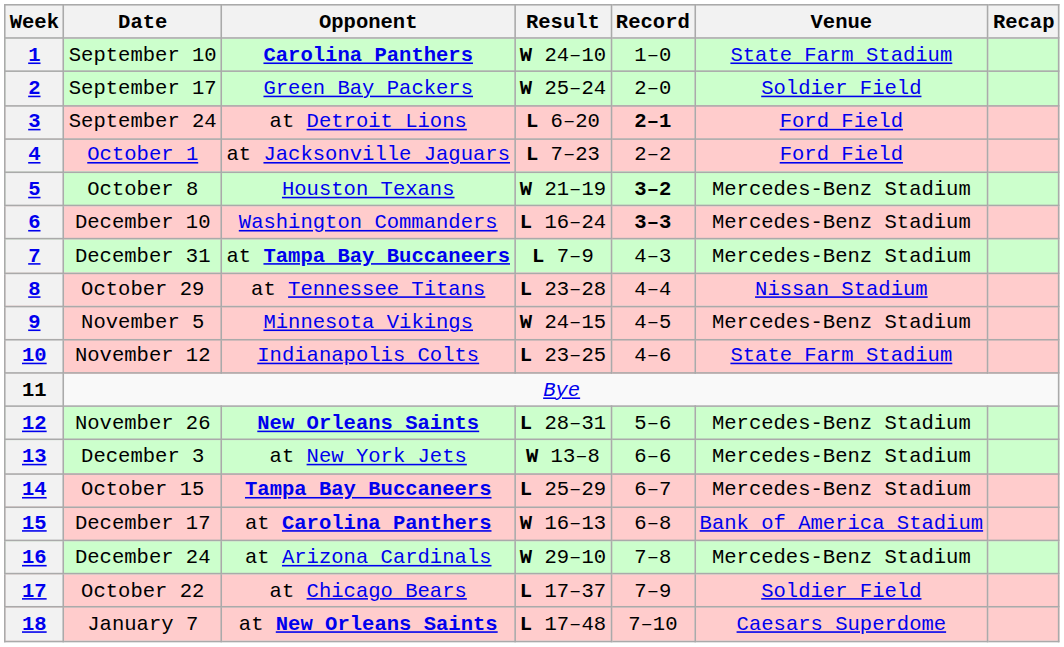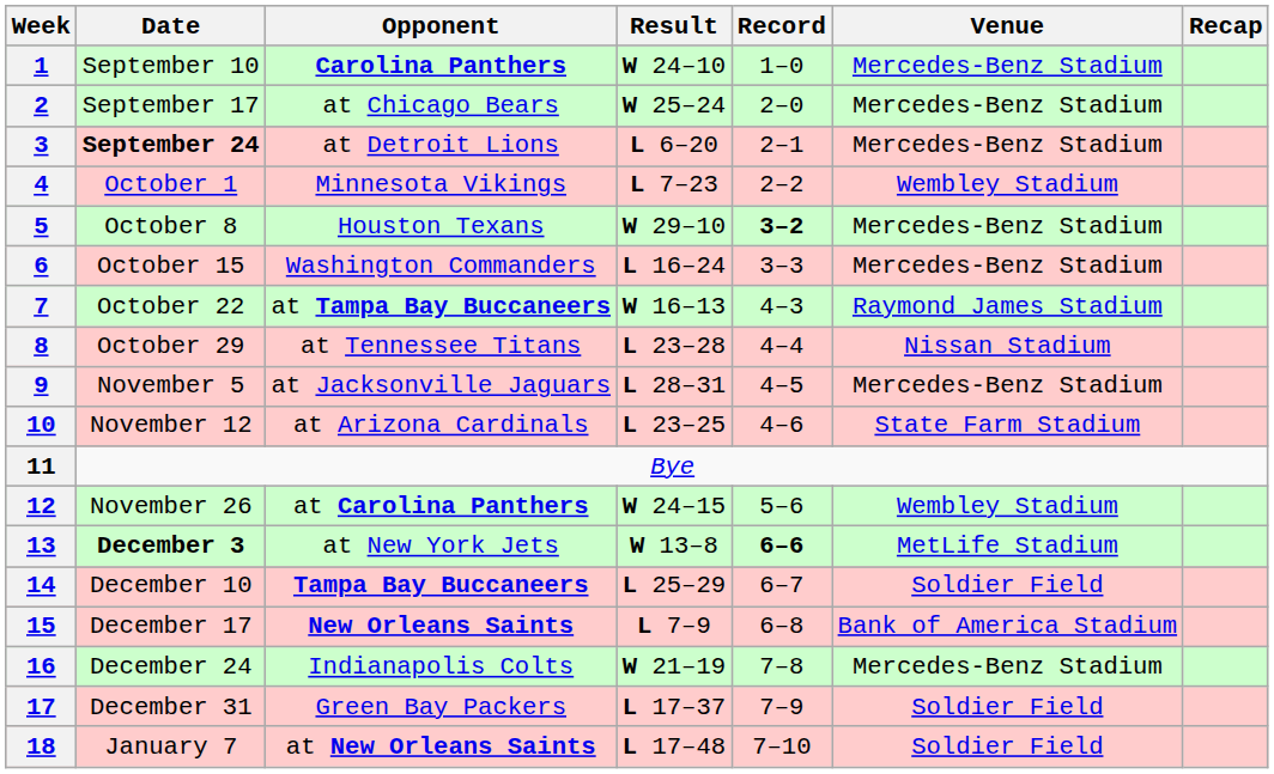 <table class="wikitable" style="text-align:center">
 <tr>
 <th>Week</th>
 <th>Date</th>
 <th>Opponent</th>
 <th>Result</th>
 <th>Record</th>
 <th>Venue</th>
 <th>Recap</th>
 </tr>
 <tr style="background:#cfc">
 <th><a href='#'>1</a></th>
 <td>September 10</td>
 <td><strong><a href='#'>Carolina Panthers</a></strong></td>
 <td><strong>W</strong> 24–10</td>
 <td>1–0</td>
-<td><a href='#'>State Farm Stadium</a></td>
+<td><a href='#'>Mercedes-Benz Stadium</a></td>
 <td></td>
 </tr>
 <tr style="background:#cfc">
 <th><a href='#'>2</a></th>
 <td>September 17</td>
-<td><a href='#'>Green Bay Packers</a></td>
+<td>at <a href='#'>Chicago Bears</a></td>
 <td><strong>W</strong> 25–24</td>
 <td>2–0</td>
-<td><a href='#'>Soldier Field</a></td>
+<td>Mercedes-Benz Stadium</td>
 <td></td>
 </tr>
 <tr style="background:#fcc">
 <th><a href='#'>3</a></th>
-<td>September 24</td>
+<td><strong>September 24</strong></td>
 <td>at <a href='#'>Detroit Lions</a></td>
 <td><strong>L</strong> 6–20</td>
-<td><strong>2–1</strong></td>
-<td><a href='#'>Ford Field</a></td>
+<td>2–1</td>
+<td>Mercedes-Benz Stadium</td>
 <td></td>
 </tr>
 <tr style="background:#fcc">
 <th><a href='#'>4</a></th>
 <td><a href='#'>October 1</a></td>
-<td>at <a href='#'>Jacksonville Jaguars</a></td>
+<td><a href='#'>Minnesota Vikings</a></td>
 <td><strong>L</strong> 7–23</td>
 <td>2–2</td>
-<td><a href='#'>Ford Field</a></td>
+<td> <a href='#'>Wembley Stadium</a> </td>
 <td></td>
 </tr>
 <tr style="background:#cfc">
 <th><a href='#'>5</a></th>
 <td>October 8</td>
 <td><a href='#'>Houston Texans</a></td>
-<td><strong>W</strong> 21–19</td>
+<td><strong>W</strong> 29–10</td>
 <td><strong>3–2</strong></td>
 <td>Mercedes-Benz Stadium</td>
 <td></td>
 </tr>
 <tr style="background:#fcc">
 <th><a href='#'>6</a></th>
-<td>December 10</td>
+<td>October 15</td>
 <td><a href='#'>Washington Commanders</a></td>
 <td><strong>L</strong> 16–24</td>
-<td><strong>3–3</strong></td>
+<td>3–3</td>
 <td>Mercedes-Benz Stadium</td>
 <td></td>
 </tr>
 <tr style="background:#cfc">
 <th><a href='#'>7</a></th>
-<td>December 31</td>
+<td>October 22</td>
 <td>at <strong><a href='#'>Tampa Bay Buccaneers</a></strong></td>
-<td><strong>L</strong> 7–9</td>
+<td><strong>W</strong> 16–13</td>
 <td>4–3</td>
-<td>Mercedes-Benz Stadium</td>
+<td><a href='#'>Raymond James Stadium</a></td>
 <td></td>
 </tr>
 <tr style="background:#fcc">
 <th><a href='#'>8</a></th>
 <td>October 29</td>
 <td>at <a href='#'>Tennessee Titans</a></td>
 <td><strong>L</strong> 23–28</td>
 <td>4–4</td>
 <td><a href='#'>Nissan Stadium</a></td>
 <td></td>
 </tr>
 <tr style="background:#fcc">
 <th><a href='#'>9</a></th>
 <td>November 5</td>
-<td><a href='#'>Minnesota Vikings</a></td>
-<td><strong>W</strong> 24–15</td>
+<td>at <a href='#'>Jacksonville Jaguars</a></td>
+<td><strong>L</strong> 28–31</td>
 <td>4–5</td>
 <td>Mercedes-Benz Stadium</td>
 <td></td>
 </tr>
 <tr style="background:#fcc">
 <th><a href='#'>10</a></th>
 <td>November 12</td>
-<td><a href='#'>Indianapolis Colts</a></td>
+<td>at <a href='#'>Arizona Cardinals</a></td>
 <td><strong>L</strong> 23–25</td>
 <td>4–6</td>
 <td><a href='#'>State Farm Stadium</a></td>
 <td></td>
 </tr>
 <tr>
 <th>11</th>
 <td colspan="6"><em><a href='#'>Bye</a></em></td>
 </tr>
 <tr style="background:#cfc">
 <th><a href='#'>12</a></th>
 <td>November 26</td>
-<td><strong><a href='#'>New Orleans Saints</a></strong></td>
-<td><strong>L</strong> 28–31</td>
+<td>at <strong><a href='#'>Carolina Panthers</a></strong></td>
+<td><strong>W</strong> 24–15</td>
 <td>5–6</td>
-<td>Mercedes-Benz Stadium</td>
+<td> <a href='#'>Wembley Stadium</a> </td>
 <td></td>
 </tr>
 <tr style="background:#cfc">
 <th><a href='#'>13</a></th>
-<td>December 3</td>
+<td><strong>December 3</strong></td>
 <td>at <a href='#'>New York Jets</a></td>
 <td><strong>W</strong> 13–8</td>
-<td>6–6</td>
-<td>Mercedes-Benz Stadium</td>
+<td><strong>6–6</strong></td>
+<td><a href='#'>MetLife Stadium</a></td>
 <td></td>
 </tr>
 <tr style="background:#fcc">
 <th><a href='#'>14</a></th>
-<td>October 15</td>
+<td>December 10</td>
 <td><strong><a href='#'>Tampa Bay Buccaneers</a></strong></td>
 <td><strong>L</strong> 25–29</td>
 <td>6–7</td>
-<td>Mercedes-Benz Stadium</td>
+<td><a href='#'>Soldier Field</a></td>
 <td></td>
 </tr>
 <tr style="background:#fcc">
 <th><a href='#'>15</a></th>
 <td>December 17</td>
-<td>at <strong><a href='#'>Carolina Panthers</a></strong></td>
-<td><strong>W</strong> 16–13</td>
+<td><strong><a href='#'>New Orleans Saints</a></strong></td>
+<td><strong>L</strong> 7–9</td>
 <td>6–8</td>
 <td><a href='#'>Bank of America Stadium</a></td>
 <td></td>
 </tr>
 <tr style="background:#cfc">
 <th><a href='#'>16</a></th>
 <td>December 24</td>
-<td>at <a href='#'>Arizona Cardinals</a></td>
-<td><strong>W</strong> 29–10</td>
+<td><a href='#'>Indianapolis Colts</a></td>
+<td><strong>W</strong> 21–19</td>
 <td>7–8</td>
 <td>Mercedes-Benz Stadium</td>
 <td></td>
 </tr>
 <tr style="background:#fcc">
 <th><a href='#'>17</a></th>
-<td>October 22</td>
-<td>at <a href='#'>Chicago Bears</a></td>
+<td>December 31</td>
+<td><a href='#'>Green Bay Packers</a></td>
 <td><strong>L</strong> 17–37</td>
 <td>7–9</td>
 <td><a href='#'>Soldier Field</a></td>
 <td></td>
 </tr>
 <tr style="background:#fcc">
 <th><a href='#'>18</a></th>
 <td>January 7</td>
 <td>at <strong><a href='#'>New Orleans Saints</a></strong></td>
 <td><strong>L</strong> 17–48</td>
 <td>7–10</td>
-<td><a href='#'>Caesars Superdome</a></td>
+<td><a href='#'>Soldier Field</a></td>
 <td></td>
 </tr>
 </table>
